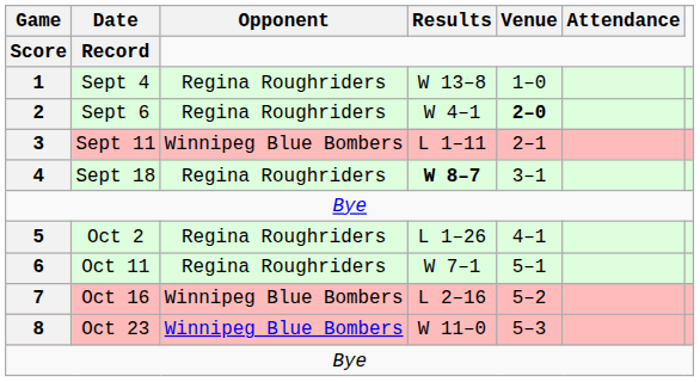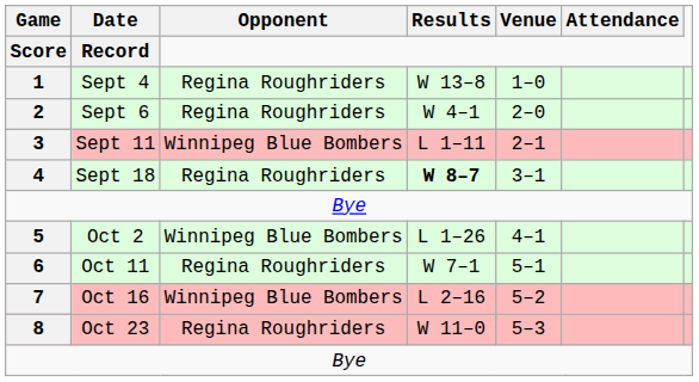 <table class="wikitable" style="text-align:center">
 <tr>
 <th>Game</th>
 <th>Date</th>
 <th>Opponent</th>
 <th>Results</th>
 <th>Venue</th>
 <th>Attendance</th>
 </tr>
 <tr>
 <th>Score</th>
 <th>Record</th>
 </tr>
 <tr style="background:#ddffdd">
 <th>1</th>
 <td>Sept 4</td>
 <td>Regina Roughriders</td>
 <td>W 13–8</td>
 <td>1–0</td>
 <td></td>
 <td></td>
 </tr>
 <tr style="background:#ddffdd">
 <th>2</th>
 <td>Sept 6</td>
 <td>Regina Roughriders</td>
 <td>W 4–1</td>
-<td><strong>2–0</strong></td>
+<td>2–0</td>
 <td></td>
 <td></td>
 </tr>
 <tr style="background:#ffbbbb">
 <th>3</th>
 <td>Sept 11</td>
 <td>Winnipeg Blue Bombers</td>
 <td>L 1–11</td>
 <td>2–1</td>
 <td></td>
 <td></td>
 </tr>
 <tr style="background:#ddffdd">
 <th>4</th>
 <td>Sept 18</td>
 <td>Regina Roughriders</td>
 <td><strong>W 8–7</strong></td>
 <td>3–1</td>
 <td></td>
 <td></td>
 </tr>
 <tr>
 <td colspan="7"><em><a href='#'>Bye</a></em></td>
 </tr>
 <tr style="background:#ddffdd">
 <th>5</th>
 <td>Oct 2</td>
-<td>Regina Roughriders</td>
+<td>Winnipeg Blue Bombers</td>
 <td>L 1–26</td>
 <td>4–1</td>
 <td></td>
 <td></td>
 </tr>
 <tr style="background:#ddffdd">
 <th>6</th>
 <td>Oct 11</td>
 <td>Regina Roughriders</td>
 <td>W 7–1</td>
 <td>5–1</td>
 <td></td>
 <td></td>
 </tr>
 <tr style="background:#ffbbbb">
 <th>7</th>
 <td>Oct 16</td>
 <td>Winnipeg Blue Bombers</td>
 <td>L 2–16</td>
 <td>5–2</td>
 <td></td>
 <td></td>
 </tr>
 <tr style="background:#ffbbbb">
 <th>8</th>
 <td>Oct 23</td>
-<td><a href='#'>Winnipeg Blue Bombers</a></td>
+<td>Regina Roughriders</td>
 <td>W 11–0</td>
 <td>5–3</td>
 <td></td>
 <td></td>
 </tr>
 <tr>
 <td colspan="7"><em>Bye</em></td>
 </tr>
 </table>
